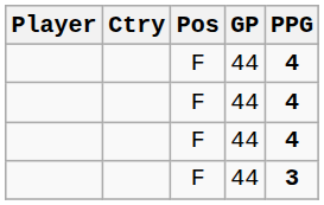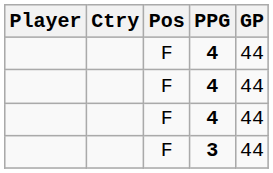 <table class= "wikitable sortable">
 <tr>
 <th>Player</th>
 <th>Ctry</th>
 <th>Pos</th>
+<th>PPG</th>
 <th>GP</th>
-<th>PPG</th>
 </tr>
 <tr align="center">
 <td align="left"></td>
 <td></td>
 <td>F</td>
+<td><strong>4</strong></td>
 <td>44</td>
-<td><strong>4</strong></td>
 </tr>
 <tr align="center">
 <td align="left"></td>
 <td></td>
 <td>F</td>
+<td><strong>4</strong></td>
 <td>44</td>
-<td><strong>4</strong></td>
 </tr>
 <tr align="center">
 <td align="left"></td>
 <td></td>
 <td>F</td>
+<td><strong>4</strong></td>
 <td>44</td>
-<td><strong>4</strong></td>
 </tr>
 <tr align="center">
 <td align="left"></td>
 <td></td>
 <td>F</td>
+<td><strong>3</strong></td>
 <td>44</td>
-<td><strong>3</strong></td>
 </tr>
 </table>
